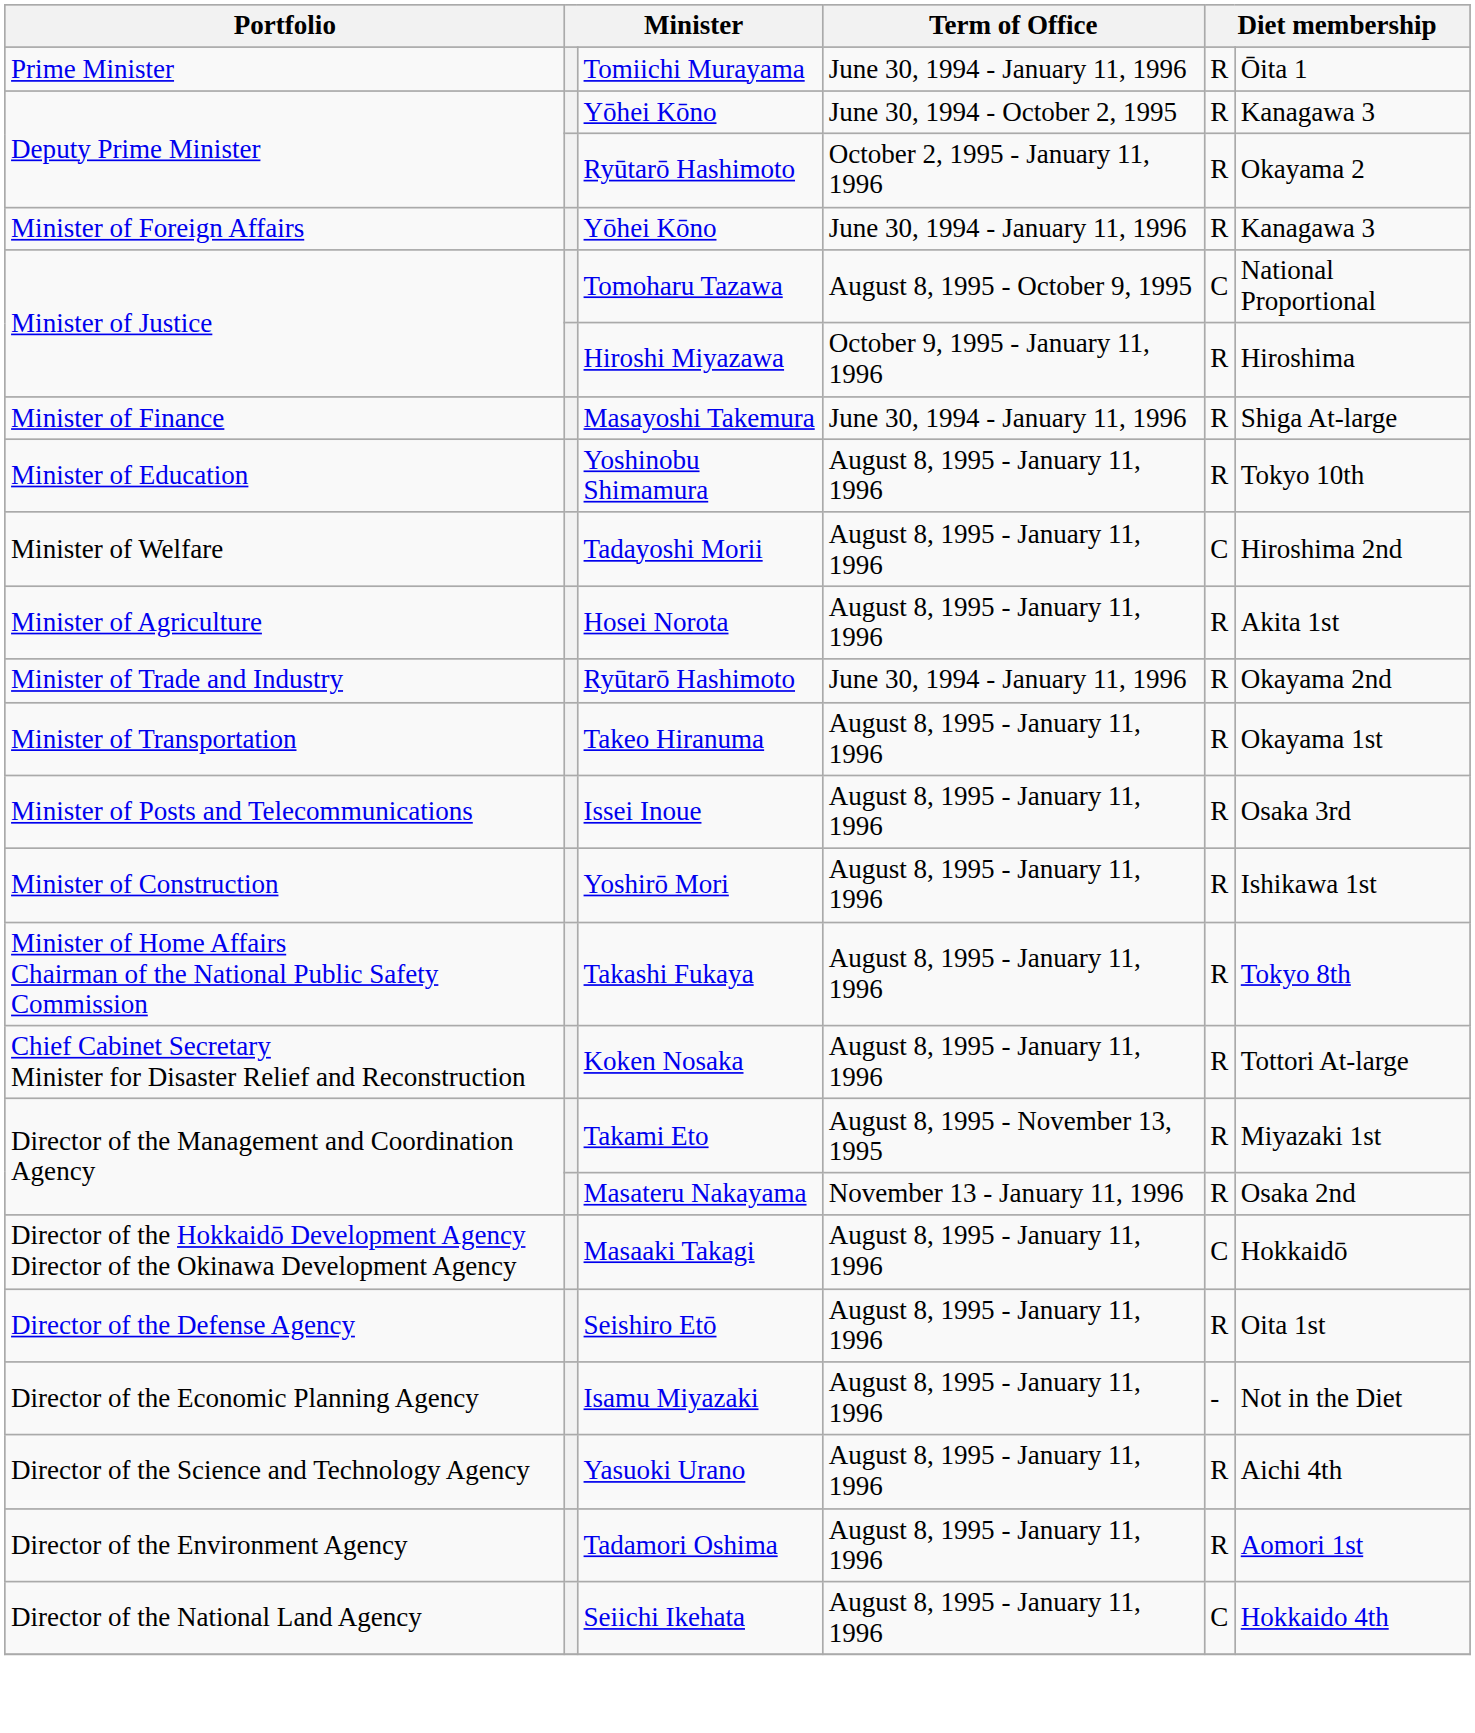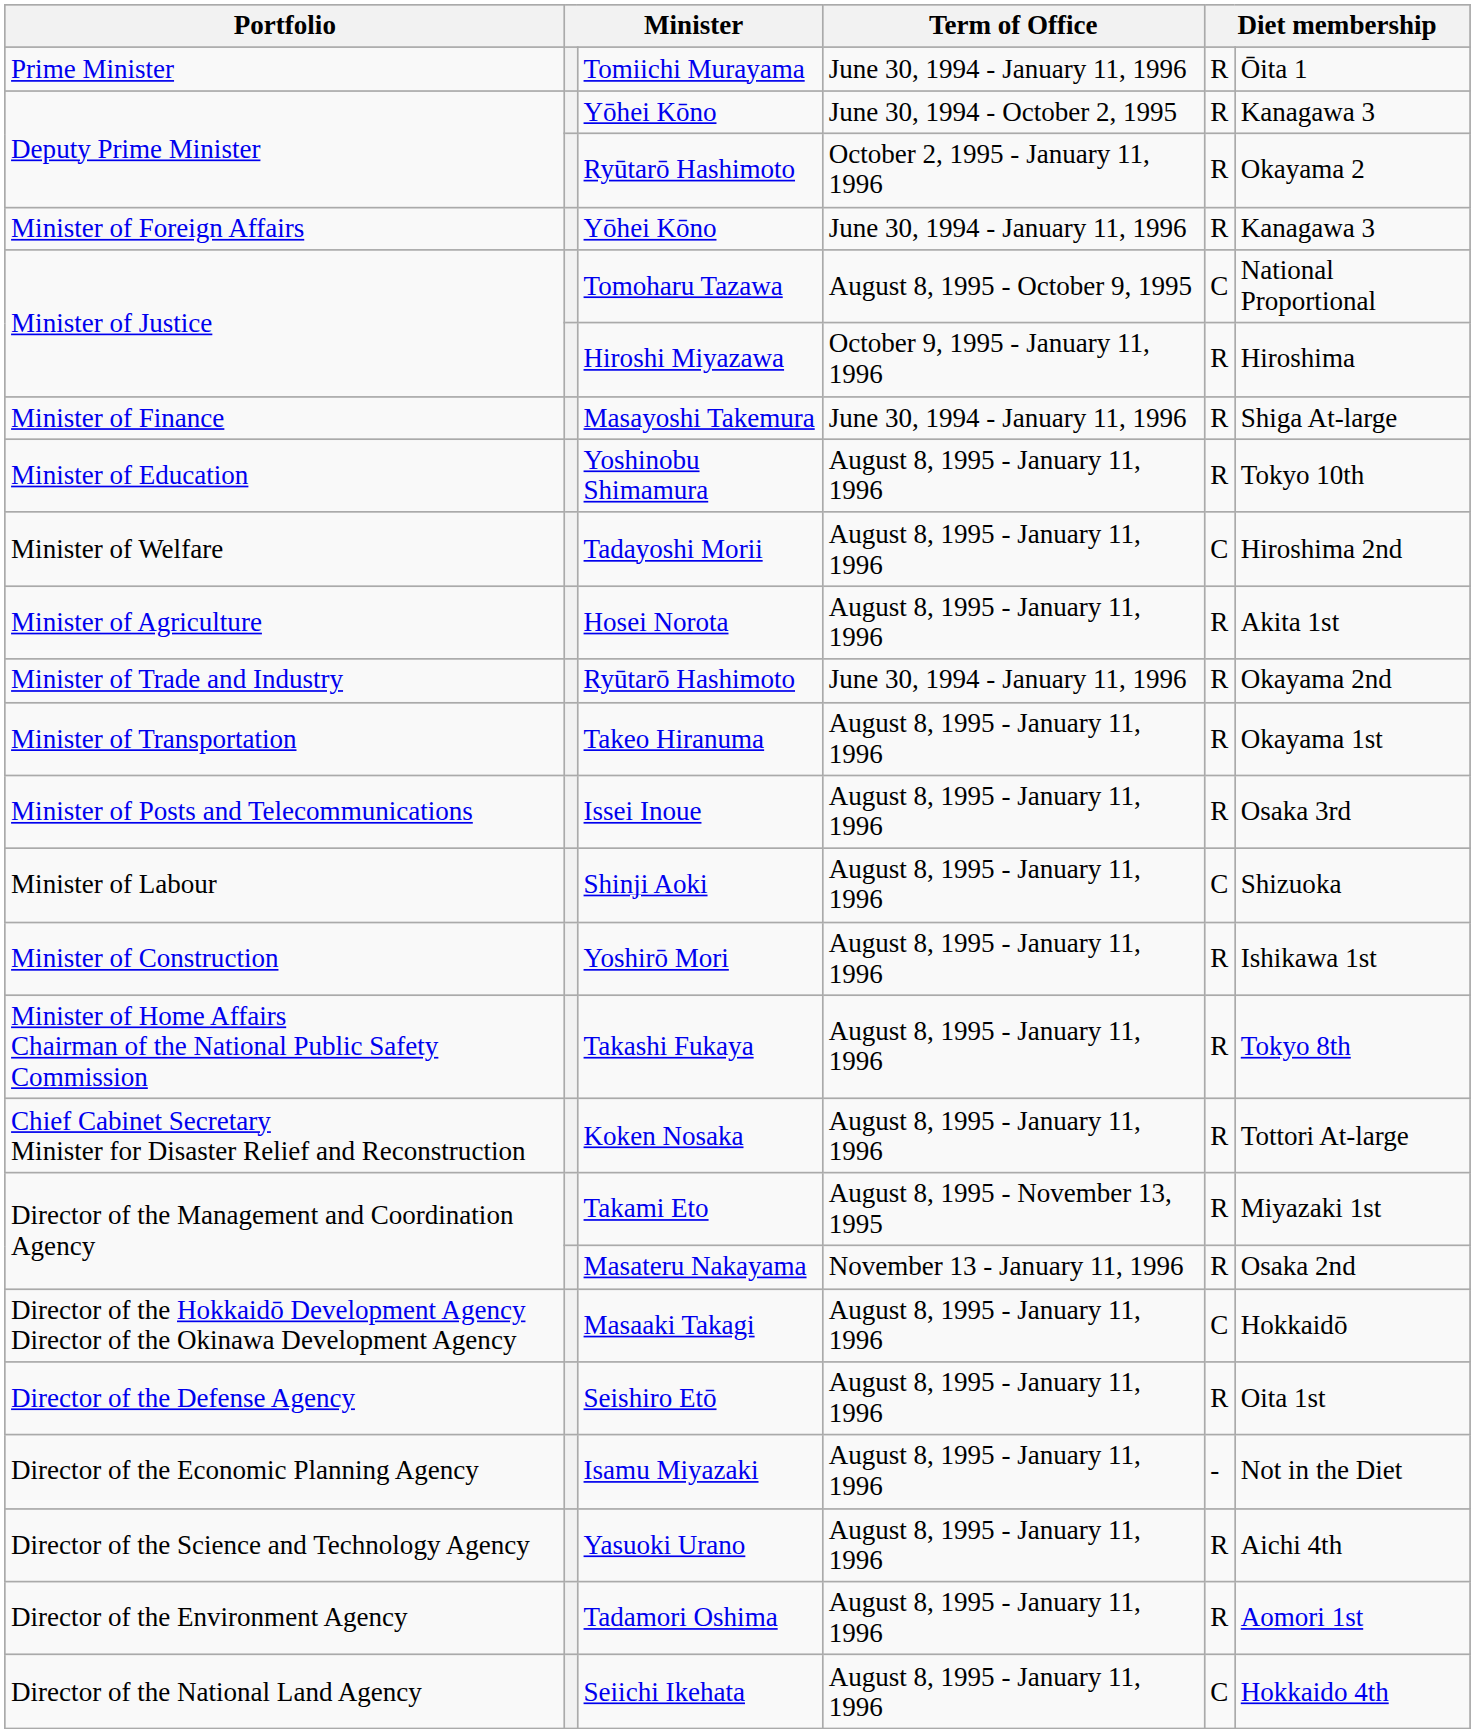 <table class=wikitable>
 <tr>
 <th>Portfolio</th>
 <th colspan=2>Minister</th>
 <th>Term of Office</th>
 <th colspan=2>Diet membership</th>
 </tr>
 <tr>
 <td><a href='#'>Prime Minister</a></td>
 <th style="color:inherit;background-color: "></th>
 <td><a href='#'>Tomiichi Murayama</a></td>
 <td>June 30, 1994 - January 11, 1996</td>
 <td>R</td>
 <td>Ōita 1</td>
 </tr>
 <tr>
 <td rowspan=2><a href='#'>Deputy Prime Minister</a></td>
 <th style="color:inherit;background-color: "></th>
 <td><a href='#'>Yōhei Kōno</a></td>
 <td>June 30, 1994 - October 2, 1995</td>
 <td>R</td>
 <td>Kanagawa 3</td>
 </tr>
 <tr>
 <th style="color:inherit;background-color: "></th>
 <td><a href='#'>Ryūtarō Hashimoto</a></td>
 <td>October 2, 1995 - January 11, 1996</td>
 <td>R</td>
 <td>Okayama 2</td>
 </tr>
 <tr>
 <td><a href='#'>Minister of Foreign Affairs</a></td>
 <th style="color:inherit;background-color: "></th>
 <td><a href='#'>Yōhei Kōno</a></td>
 <td>June 30, 1994 - January 11, 1996</td>
 <td>R</td>
 <td>Kanagawa 3</td>
 </tr>
 <tr>
 <td rowspan=2><a href='#'>Minister of Justice</a></td>
 <th style="color:inherit;background-color: "></th>
 <td><a href='#'>Tomoharu Tazawa</a></td>
 <td>August 8, 1995 - October 9, 1995</td>
 <td>C</td>
 <td>National Proportional</td>
 </tr>
 <tr>
 <th style="color:inherit;background-color: "></th>
 <td><a href='#'>Hiroshi Miyazawa</a></td>
 <td>October 9, 1995 - January 11, 1996</td>
 <td>R</td>
 <td>Hiroshima</td>
 </tr>
 <tr>
 <td><a href='#'>Minister of Finance</a></td>
 <th style="color:inherit;background-color: "></th>
 <td><a href='#'>Masayoshi Takemura</a></td>
 <td>June 30, 1994 - January 11, 1996</td>
 <td>R</td>
 <td>Shiga At-large</td>
 </tr>
 <tr>
 <td><a href='#'>Minister of Education</a></td>
 <th style="color:inherit;background-color: "></th>
 <td><a href='#'>Yoshinobu Shimamura</a></td>
 <td>August 8, 1995 - January 11, 1996</td>
 <td>R</td>
 <td>Tokyo 10th</td>
 </tr>
 <tr>
 <td>Minister of Welfare</td>
 <th style="color:inherit;background-color: "></th>
 <td><a href='#'>Tadayoshi Morii</a></td>
 <td>August 8, 1995 - January 11, 1996</td>
 <td>C</td>
 <td>Hiroshima 2nd</td>
 </tr>
 <tr>
 <td><a href='#'>Minister of Agriculture</a></td>
 <th style="color:inherit;background-color: "></th>
 <td><a href='#'>Hosei Norota</a></td>
 <td>August 8, 1995 - January 11, 1996</td>
 <td>R</td>
 <td>Akita 1st</td>
 </tr>
 <tr>
 <td><a href='#'>Minister of Trade and Industry</a></td>
 <th style="color:inherit;background-color: "></th>
 <td><a href='#'>Ryūtarō Hashimoto</a></td>
 <td>June 30, 1994 - January 11, 1996</td>
 <td>R</td>
 <td>Okayama 2nd</td>
 </tr>
 <tr>
 <td><a href='#'>Minister of Transportation</a></td>
 <th style="color:inherit;background-color: "></th>
 <td><a href='#'>Takeo Hiranuma</a></td>
 <td>August 8, 1995 - January 11, 1996</td>
 <td>R</td>
 <td>Okayama 1st</td>
 </tr>
 <tr>
 <td><a href='#'>Minister of Posts and Telecommunications</a></td>
 <th style="color:inherit;background-color: "></th>
 <td><a href='#'>Issei Inoue</a></td>
 <td>August 8, 1995 - January 11, 1996</td>
 <td>R</td>
 <td>Osaka 3rd</td>
 </tr>
 <tr>
+<td>Minister of Labour</td>
+<th style="color:inherit;background-color: "></th>
+<td><a href='#'>Shinji Aoki</a></td>
+<td>August 8, 1995 - January 11, 1996</td>
+<td>C</td>
+<td>Shizuoka</td>
+</tr>
+<tr>
 <td><a href='#'>Minister of Construction</a></td>
 <th style="color:inherit;background-color: "></th>
 <td><a href='#'>Yoshirō Mori</a></td>
 <td>August 8, 1995 - January 11, 1996</td>
 <td>R</td>
 <td>Ishikawa 1st</td>
 </tr>
 <tr>
 <td><a href='#'>Minister of Home Affairs</a><br><a href='#'>Chairman of the National Public Safety Commission</a></td>
 <th style="color:inherit;background-color: "></th>
 <td><a href='#'>Takashi Fukaya</a></td>
 <td>August 8, 1995 - January 11, 1996</td>
 <td>R</td>
 <td><a href='#'>Tokyo 8th</a></td>
 </tr>
 <tr>
 <td><a href='#'>Chief Cabinet Secretary</a> <br>Minister for Disaster Relief and Reconstruction</td>
 <th style="color:inherit;background-color: "></th>
 <td><a href='#'>Koken Nosaka</a></td>
 <td>August 8, 1995 - January 11, 1996</td>
 <td>R</td>
 <td>Tottori At-large</td>
 </tr>
 <tr>
 <td rowspan=2>Director of the Management and Coordination Agency</td>
 <th style="color:inherit;background-color: "></th>
 <td><a href='#'>Takami Eto</a></td>
 <td>August 8, 1995 - November 13, 1995</td>
 <td>R</td>
 <td>Miyazaki 1st</td>
 </tr>
 <tr>
 <th style="color:inherit;background-color: "></th>
 <td><a href='#'>Masateru Nakayama</a></td>
 <td>November 13 - January 11, 1996</td>
 <td>R</td>
 <td>Osaka 2nd</td>
 </tr>
 <tr>
 <td>Director of the <a href='#'>Hokkaidō Development Agency</a><br>Director of the Okinawa Development Agency</td>
 <th style="color:inherit;background-color: "></th>
 <td><a href='#'>Masaaki Takagi</a></td>
 <td>August 8, 1995 - January 11, 1996</td>
 <td>C</td>
 <td>Hokkaidō</td>
 </tr>
 <tr>
 <td><a href='#'>Director of the Defense Agency</a></td>
 <th style="color:inherit;background-color: "></th>
 <td><a href='#'>Seishiro Etō</a></td>
 <td>August 8, 1995 - January 11, 1996</td>
 <td>R</td>
 <td>Oita 1st</td>
 </tr>
 <tr>
 <td>Director of the Economic Planning Agency</td>
 <th style="color:inherit;background-color: "></th>
 <td><a href='#'>Isamu Miyazaki</a></td>
 <td>August 8, 1995 - January 11, 1996</td>
 <td>-</td>
 <td>Not in the Diet</td>
 </tr>
 <tr>
 <td>Director of the Science and Technology Agency</td>
 <th style="color:inherit;background-color: "></th>
 <td><a href='#'>Yasuoki Urano</a></td>
 <td>August 8, 1995 - January 11, 1996</td>
 <td>R</td>
 <td>Aichi 4th</td>
 </tr>
 <tr>
 <td>Director of the Environment Agency</td>
 <th style="color:inherit;background-color: "></th>
 <td><a href='#'>Tadamori Oshima</a></td>
 <td>August 8, 1995 - January 11, 1996</td>
 <td>R</td>
 <td><a href='#'>Aomori 1st</a></td>
 </tr>
 <tr>
 <td>Director of the National Land Agency</td>
 <th style="color:inherit;background-color: "></th>
 <td><a href='#'>Seiichi Ikehata</a></td>
 <td>August 8, 1995 - January 11, 1996</td>
 <td>C</td>
 <td><a href='#'>Hokkaido 4th</a></td>
 </tr>
 <tr January 11, 1996>
 </tr>
 </table>
